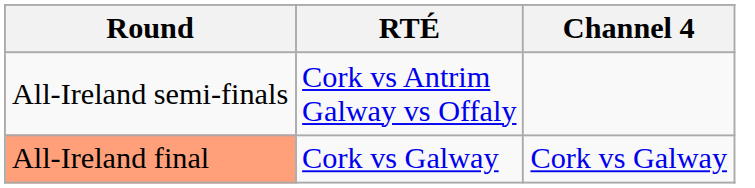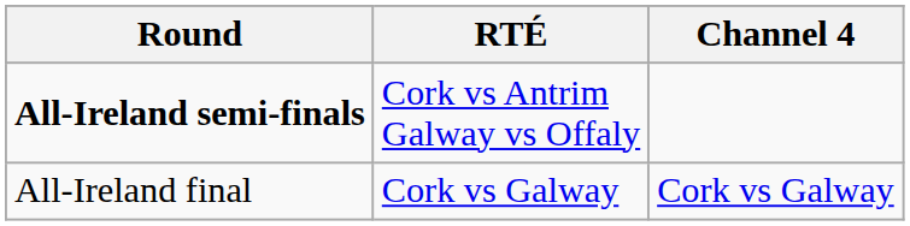 <table class="wikitable">
 <tr>
 <th>Round</th>
 <th>RTÉ</th>
 <th>Channel 4</th>
 </tr>
 <tr>
-<td>All-Ireland semi-finals</td>
+<td><strong>All-Ireland semi-finals</strong></td>
 <td><a href='#'>Cork vs Antrim</a><br><a href='#'>Galway vs Offaly</a></td>
 <td></td>
 </tr>
 <tr>
-<td style="background: lightsalmon;">All-Ireland final</td>
+<td>All-Ireland final</td>
 <td><a href='#'>Cork vs Galway</a></td>
 <td><a href='#'>Cork vs Galway</a></td>
 </tr>
 </table>
